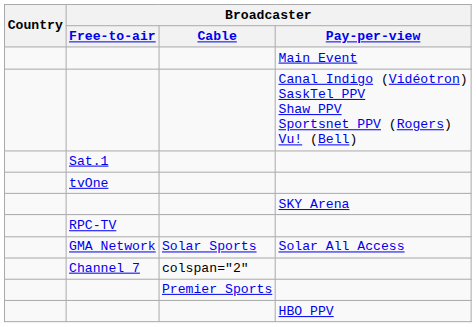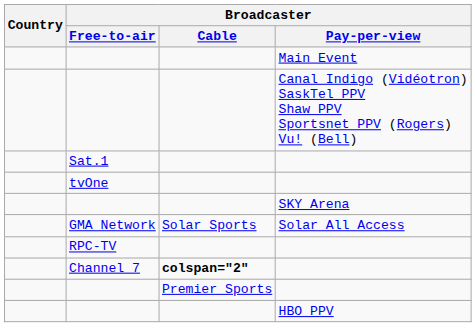 <table class="wikitable">
 <tr>
 <th rowspan=2 align=center>Country</th>
 <th colspan=3 align=center>Broadcaster</th>
 </tr>
 <tr>
 <th align=center><a href='#'>Free-to-air</a></th>
 <th align=center><a href='#'>Cable</a></th>
 <th align=center><a href='#'>Pay-per-view</a></th>
 </tr>
 <tr>
 <td></td>
 <td></td>
 <td></td>
 <td><a href='#'>Main Event</a></td>
 </tr>
 <tr>
 <td></td>
 <td></td>
 <td></td>
 <td><a href='#'>Canal Indigo</a> (<a href='#'>Vidéotron</a>)<br><a href='#'>SaskTel PPV</a><br><a href='#'>Shaw PPV</a><br><a href='#'>Sportsnet PPV</a> (<a href='#'>Rogers</a>)<br><a href='#'>Vu!</a> (<a href='#'>Bell</a>)</td>
 </tr>
 <tr>
 <td></td>
 <td><a href='#'>Sat.1</a></td>
 <td></td>
 <td></td>
 </tr>
 <tr>
 <td></td>
 <td><a href='#'>tvOne</a></td>
 <td></td>
 <td></td>
 </tr>
 <tr>
 <td></td>
 <td></td>
 <td></td>
 <td><a href='#'>SKY Arena</a></td>
 </tr>
 <tr>
 <td></td>
+<td><a href='#'>GMA Network</a></td>
+<td><a href='#'>Solar Sports</a></td>
+<td><a href='#'>Solar All Access</a></td>
+</tr>
+<tr>
+<td></td>
 <td><a href='#'>RPC-TV</a></td>
 <td></td>
 <td></td>
 </tr>
 <tr>
 <td></td>
-<td><a href='#'>GMA Network</a></td>
-<td><a href='#'>Solar Sports</a></td>
-<td><a href='#'>Solar All Access</a></td>
-</tr>
-<tr>
-<td></td>
 <td><a href='#'>Channel 7</a></td>
-<td>colspan="2" </td>
+<td><strong>colspan="2" </strong></td>
 </tr>
 <tr>
 <td></td>
 <td></td>
 <td><a href='#'>Premier Sports</a></td>
 <td></td>
 </tr>
 <tr>
 <td></td>
 <td></td>
 <td></td>
 <td><a href='#'>HBO PPV</a></td>
 </tr>
 </table>
